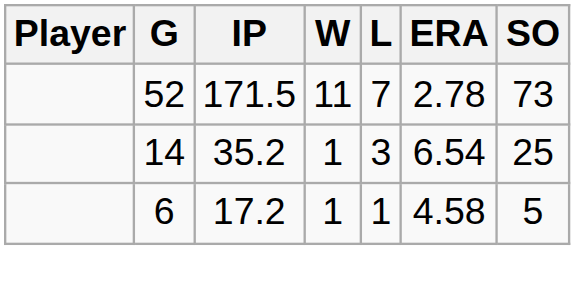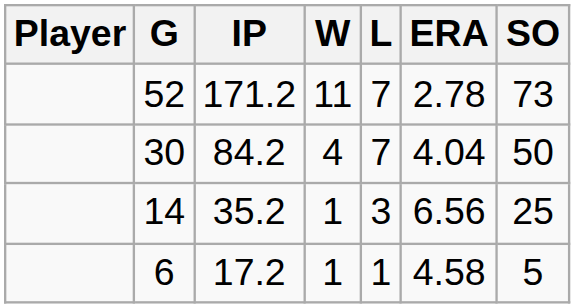 <table class="wikitable sortable">
 <tr>
 <th>Player</th>
 <th>G</th>
 <th>IP</th>
 <th>W</th>
 <th>L</th>
 <th>ERA</th>
 <th>SO</th>
 </tr>
 <tr align="center">
 <td></td>
 <td>52</td>
-<td>171.5</td>
+<td>171.2</td>
 <td>11</td>
 <td>7</td>
 <td>2.78</td>
 <td>73</td>
 </tr>
 <tr align="center">
 <td></td>
+<td>30</td>
+<td>84.2</td>
+<td>4</td>
+<td>7</td>
+<td>4.04</td>
+<td>50</td>
+</tr>
+<tr align="center">
+<td></td>
 <td>14</td>
 <td>35.2</td>
 <td>1</td>
 <td>3</td>
-<td>6.54</td>
+<td>6.56</td>
 <td>25</td>
 </tr>
 <tr align="center">
 <td></td>
 <td>6</td>
 <td>17.2</td>
 <td>1</td>
 <td>1</td>
 <td>4.58</td>
 <td>5</td>
 </tr>
 </table>
